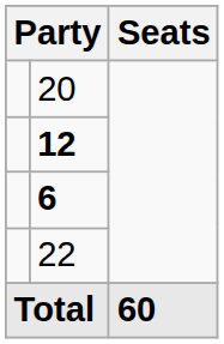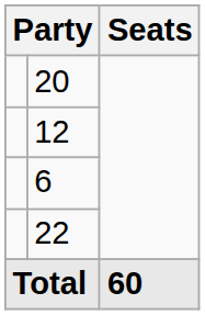 <table class="wikitable">
 <tr>
 <th colspan=2>Party</th>
 <th>Seats</th>
 </tr>
 <tr>
 <td></td>
 <td>20</td>
 </tr>
 <tr>
 <td></td>
-<td><strong>12</strong></td>
+<td>12</td>
 </tr>
 <tr>
 <td></td>
-<td><strong>6</strong></td>
+<td>6</td>
 </tr>
 <tr>
 <td></td>
 <td>22</td>
 </tr>
 <tr style="font-weight:bold; background:rgb(232,232,232);">
 <td colspan=2>Total</td>
 <td>60</td>
 </tr>
 </table>
